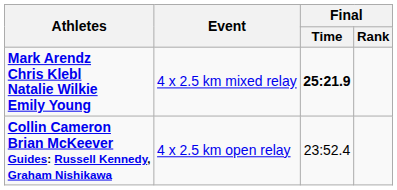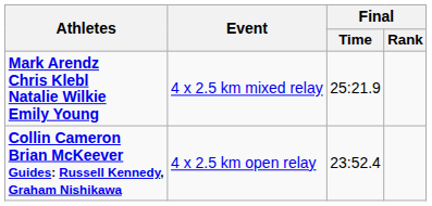 <table class="wikitable" style="font-size:90%">
 <tr>
 <th rowspan=2>Athletes</th>
 <th rowspan=2>Event</th>
 <th colspan=2>Final</th>
 </tr>
 <tr style="font-size:95%">
 <th>Time</th>
 <th>Rank</th>
 </tr>
 <tr align=center>
 <td align=left><strong><a href='#'>Mark Arendz</a><br><a href='#'>Chris Klebl</a><br><a href='#'>Natalie Wilkie</a><br><a href='#'>Emily Young</a></strong></td>
 <td align=left><a href='#'>4 x 2.5 km mixed relay</a></td>
-<td><strong>25:21.9</strong></td>
+<td>25:21.9</td>
 <td></td>
 </tr>
 <tr align=center>
 <td align=left><strong><a href='#'>Collin Cameron</a><br><a href='#'>Brian McKeever</a><br><small><a href='#'>Guides</a>: <a href='#'>Russell Kennedy</a>,<br><a href='#'>Graham Nishikawa</a></small></strong></td>
 <td align=left><a href='#'>4 x 2.5 km open relay</a></td>
 <td>23:52.4</td>
 <td></td>
 </tr>
 </table>
